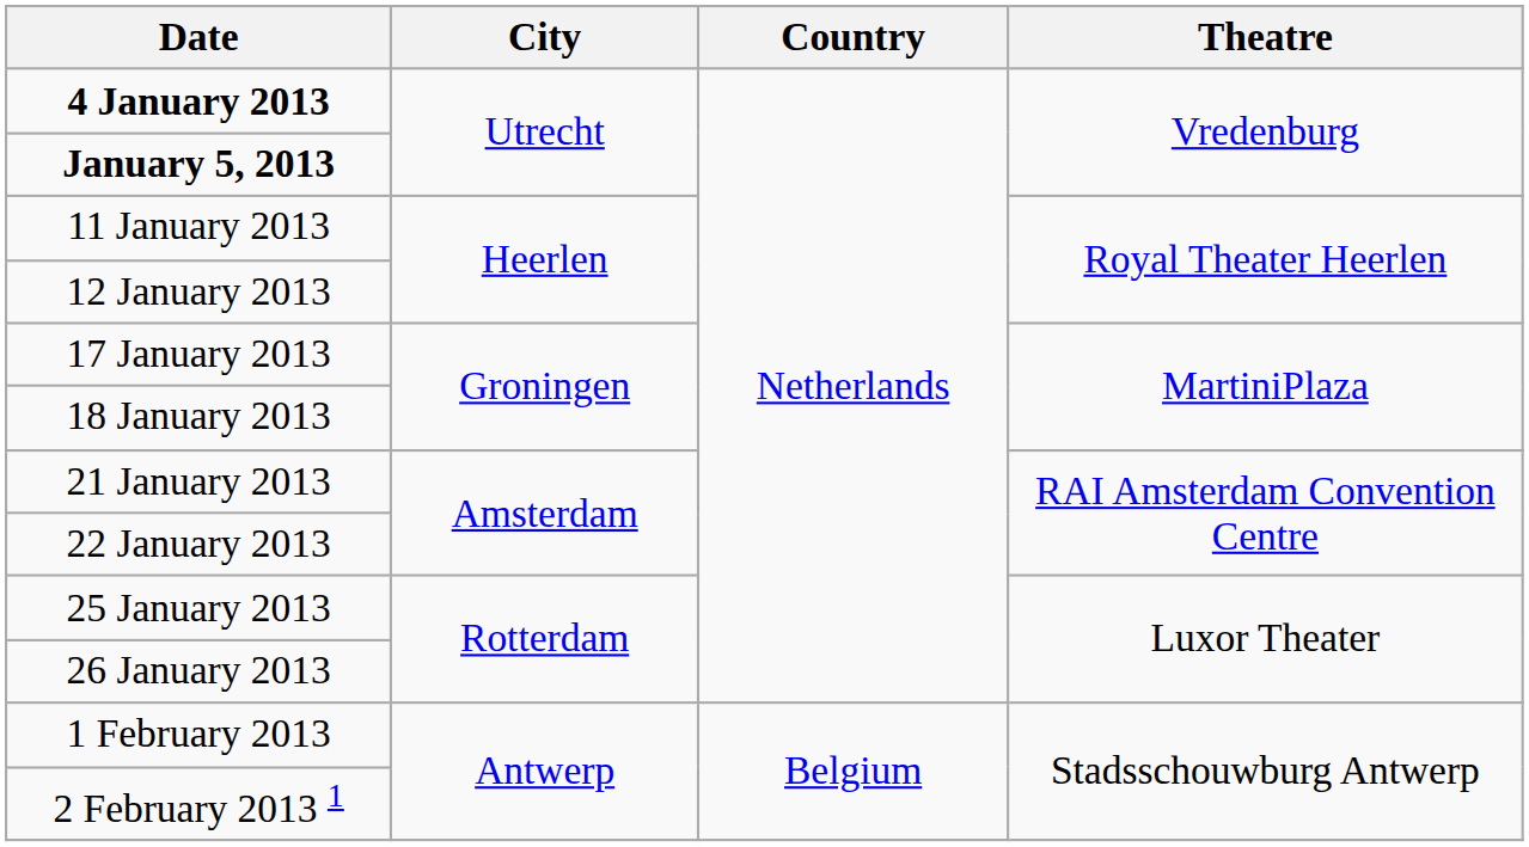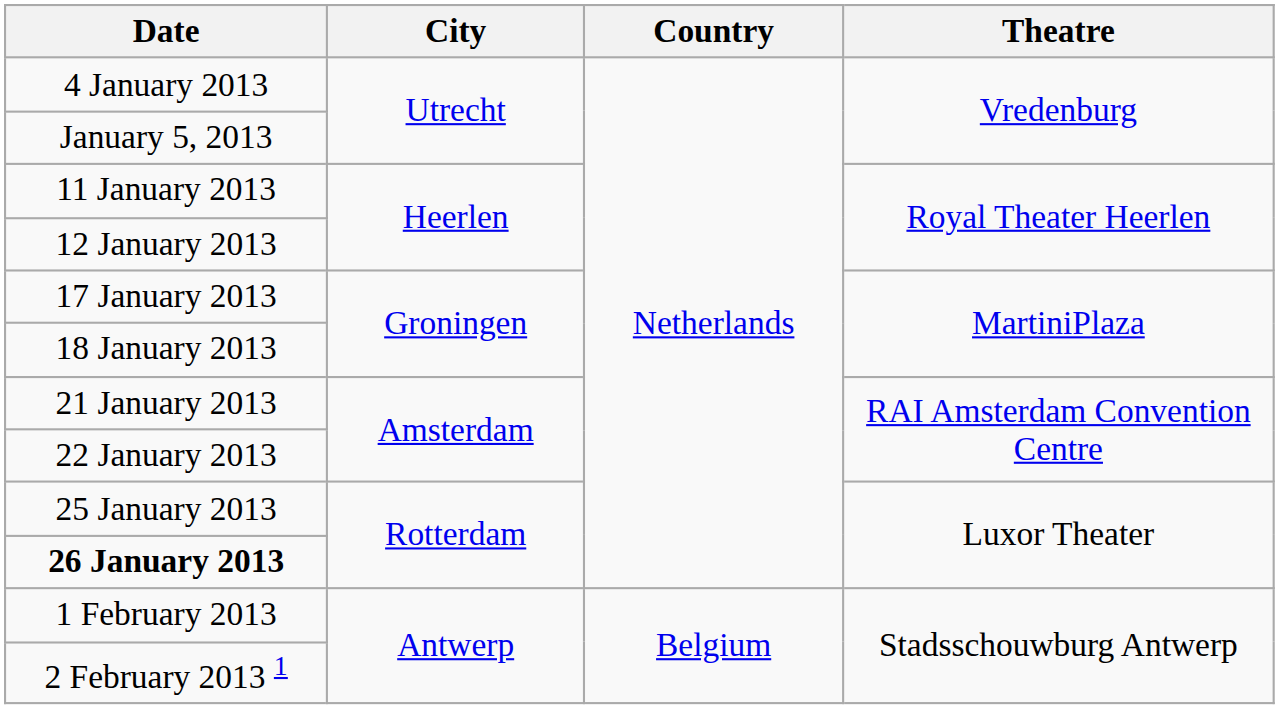 <table Class = "wikitable">
 <tr>
 <th style="width:200px;">Date</th>
 <th style="width:140px;">City</th>
 <th style="width:140px;">Country</th>
 <th style="width:250px;">Theatre</th>
 </tr>
 <tr>
-<td style="text-align:center;"><strong>4 January 2013</strong></td>
+<td style="text-align:center;">4 January 2013</td>
 <td style="text-align:center;" rowspan="2"><a href='#'>Utrecht</a></td>
 <td style="text-align:center;" rowspan="10"><a href='#'>Netherlands</a></td>
 <td style="text-align:center;" rowspan="2"><a href='#'>Vredenburg</a></td>
 </tr>
 <tr>
-<td style="text-align:center;"><strong>January 5, 2013</strong></td>
+<td style="text-align:center;">January 5, 2013</td>
 </tr>
 <tr style="text-align:center;">
 <td>11 January 2013</td>
 <td rowspan="2"><a href='#'>Heerlen</a></td>
 <td rowspan="2"><a href='#'>Royal Theater Heerlen</a></td>
 </tr>
 <tr>
 <td style="text-align:center;">12 January 2013</td>
 </tr>
 <tr>
 <td style="text-align:center;">17 January 2013</td>
 <td style="text-align:center;" rowspan="2"><a href='#'>Groningen</a></td>
 <td style="text-align:center;" rowspan="2"><a href='#'>MartiniPlaza</a></td>
 </tr>
 <tr>
 <td style="text-align:center;">18 January 2013</td>
 </tr>
 <tr>
 <td style="text-align:center;">21 January 2013</td>
 <td style="text-align:center;" rowspan="2"><a href='#'>Amsterdam</a></td>
 <td style="text-align:center;" rowspan="2"><a href='#'>RAI Amsterdam Convention Centre</a></td>
 </tr>
 <tr>
 <td style="text-align:center;">22 January 2013</td>
 </tr>
 <tr style="text-align:center;">
 <td>25 January 2013</td>
 <td rowspan="2"><a href='#'>Rotterdam</a></td>
 <td rowspan="2">Luxor Theater</td>
 </tr>
 <tr>
-<td style="text-align:center;">26 January 2013</td>
+<td style="text-align:center;"><strong>26 January 2013</strong></td>
 </tr>
 <tr>
 <td style="text-align:center;">1 February 2013</td>
 <td style="text-align:center;" rowspan="2"><a href='#'>Antwerp</a></td>
 <td style="text-align:center;" rowspan="2"><a href='#'>Belgium</a></td>
 <td style="text-align:center;" rowspan="2">Stadsschouwburg Antwerp</td>
 </tr>
 <tr>
 <td style="text-align:center;">2 February 2013 <sup> <a href='#'>1</a> </sup></td>
 </tr>
 </table>
